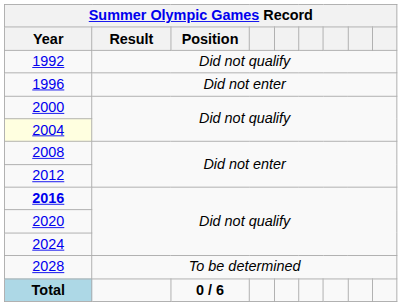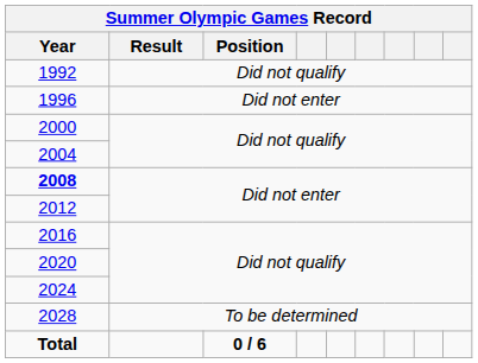 <table class="wikitable" style="text-align: center;">
 <tr>
 <th colspan=9><a href='#'>Summer Olympic Games</a> Record</th>
 </tr>
 <tr>
 <th width="90">Year</th>
 <th width="80">Result</th>
 <th width="80">Position</th>
 <th width="20"></th>
 <th width="20"></th>
 <th width="20"></th>
 <th width="20"></th>
 <th width="20"></th>
 <th width="20"></th>
 </tr>
 <tr>
 <td> <a href='#'>1992</a></td>
 <td rowspan=1 colspan=8><em>Did not qualify</em></td>
 </tr>
 <tr>
 <td> <a href='#'>1996</a></td>
 <td rowspan=1 colspan=8><em>Did not enter</em></td>
 </tr>
 <tr>
 <td> <a href='#'>2000</a></td>
 <td rowspan=2 colspan=8><em>Did not qualify</em></td>
 </tr>
 <tr>
-<td style="background: lightyellow;"> <a href='#'>2004</a></td>
+<td> <a href='#'>2004</a></td>
 </tr>
 <tr>
-<td> <a href='#'>2008</a></td>
+<td><strong> <a href='#'>2008</a></strong></td>
 <td rowspan=2 colspan=8><em>Did not enter</em></td>
 </tr>
 <tr>
 <td> <a href='#'>2012</a></td>
 </tr>
 <tr>
-<td><strong> <a href='#'>2016</a></strong></td>
+<td> <a href='#'>2016</a></td>
 <td rowspan=3 colspan=8><em>Did not qualify</em></td>
 </tr>
 <tr>
 <td> <a href='#'>2020</a></td>
 </tr>
 <tr>
 <td> <a href='#'>2024</a></td>
 </tr>
 <tr>
 <td> <a href='#'>2028</a></td>
 <td rowspan=1 colspan=8><em>To be determined</em></td>
 </tr>
 <tr>
-<td style="background: lightblue;"><strong>Total</strong></td>
+<td><strong>Total</strong></td>
 <td></td>
 <td><strong>0 / 6</strong></td>
 <td></td>
 <td></td>
 <td></td>
 <td></td>
 <td></td>
 <td></td>
 </tr>
 </table>
